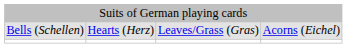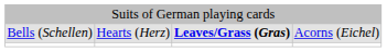 <table cellpadding="2" style="float: none; background: #c0c0c0; margin-left: 1em; border-spacing: 1px;">
 <tr align="center">
 <td colspan="4">Suits of German playing cards</td>
 </tr>
 <tr align="center">
 <td style="background: #e3e3e3;"><a href='#'>Bells</a> (<em>Schellen</em>)</td>
 <td style="background: #e3e3e3;"><a href='#'>Hearts</a> (<em>Herz</em>)</td>
-<td style="background: #e3e3e3;"><a href='#'>Leaves/Grass</a> (<em>Gras</em>)</td>
+<td style="background: #e3e3e3;"><strong><a href='#'>Leaves/Grass</a> (<em>Gras</em>)</strong></td>
 <td style="background: #e3e3e3;"><a href='#'>Acorns</a> (<em>Eichel</em>)</td>
 </tr>
 <tr align="center">
 <td style="background: #ffffff;"></td>
 <td style="background: #ffffff;"></td>
 <td style="background: #ffffff;"></td>
 <td style="background: #ffffff;"></td>
 </tr>
 </table>
